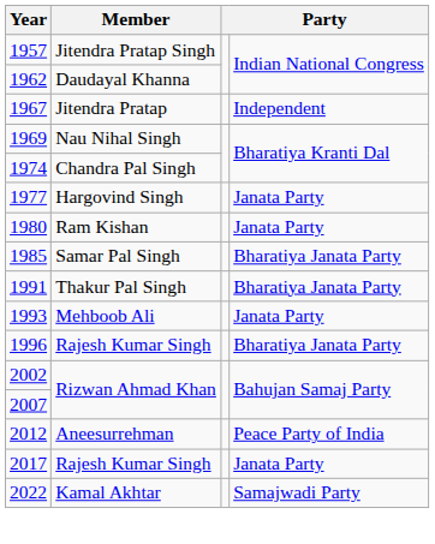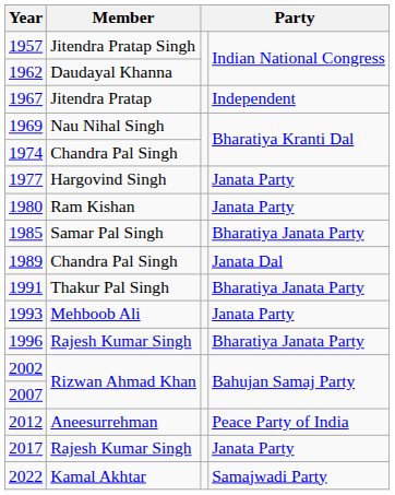 <table class="wikitable">
 <tr>
 <th>Year</th>
 <th>Member</th>
 <th colspan="2">Party</th>
 </tr>
 <tr>
 <td><a href='#'>1957</a></td>
 <td>Jitendra Pratap Singh</td>
 <td rowspan="2" style="background-color: "></td>
 <td rowspan="2"><a href='#'>Indian National Congress</a></td>
 </tr>
 <tr>
 <td><a href='#'>1962</a></td>
 <td>Daudayal Khanna</td>
 </tr>
 <tr>
 <td><a href='#'>1967</a></td>
 <td>Jitendra Pratap</td>
 <td style="background-color: "></td>
 <td><a href='#'>Independent</a></td>
 </tr>
 <tr>
 <td><a href='#'>1969</a></td>
 <td>Nau Nihal Singh</td>
 <td rowspan="2" style="background-color: "></td>
 <td rowspan="2"><a href='#'>Bharatiya Kranti Dal</a></td>
 </tr>
 <tr>
 <td><a href='#'>1974</a></td>
 <td>Chandra Pal Singh</td>
 </tr>
 <tr>
 <td><a href='#'>1977</a></td>
 <td>Hargovind Singh</td>
 <td style="background-color: "></td>
 <td><a href='#'>Janata Party</a></td>
 </tr>
 <tr>
 <td><a href='#'>1980</a></td>
 <td>Ram Kishan</td>
 <td style="background-color: "></td>
 <td><a href='#'>Janata Party</a></td>
 </tr>
 <tr>
 <td><a href='#'>1985</a></td>
 <td>Samar Pal Singh</td>
 <td style="background-color: "></td>
 <td><a href='#'>Bharatiya Janata Party</a></td>
 </tr>
 <tr>
+<td><a href='#'>1989</a></td>
+<td>Chandra Pal Singh</td>
+<td style="background-color: "></td>
+<td><a href='#'>Janata Dal</a></td>
+</tr>
+<tr>
 <td><a href='#'>1991</a></td>
 <td>Thakur Pal Singh</td>
 <td style="background-color: "></td>
 <td><a href='#'>Bharatiya Janata Party</a></td>
 </tr>
 <tr>
 <td><a href='#'>1993</a></td>
 <td><a href='#'>Mehboob Ali</a></td>
 <td style="background-color: "></td>
 <td><a href='#'>Janata Party</a></td>
 </tr>
 <tr>
 <td><a href='#'>1996</a></td>
 <td><a href='#'>Rajesh Kumar Singh</a></td>
 <td style="background-color: "></td>
 <td><a href='#'>Bharatiya Janata Party</a></td>
 </tr>
 <tr>
 <td><a href='#'>2002</a></td>
 <td rowspan="2"><a href='#'>Rizwan Ahmad Khan</a></td>
 <td rowspan="2" style="background-color: "></td>
 <td rowspan="2"><a href='#'>Bahujan Samaj Party</a></td>
 </tr>
 <tr>
 <td><a href='#'>2007</a></td>
 </tr>
 <tr>
 <td><a href='#'>2012</a></td>
 <td><a href='#'>Aneesurrehman</a></td>
 <td style="background-color: "></td>
 <td><a href='#'>Peace Party of India</a></td>
 </tr>
 <tr>
 <td><a href='#'>2017</a></td>
 <td><a href='#'>Rajesh Kumar Singh</a></td>
 <td style="background-color: "></td>
 <td><a href='#'>Janata Party</a></td>
 </tr>
 <tr>
 <td><a href='#'>2022</a></td>
 <td><a href='#'>Kamal Akhtar</a></td>
 <td style="background-color: "></td>
 <td><a href='#'>Samajwadi Party</a></td>
 </tr>
 </table>
